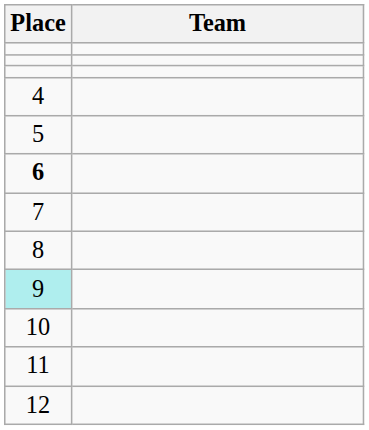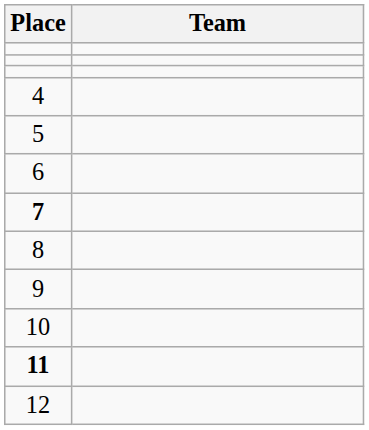 <table class="wikitable" style="text-align: center;">
 <tr>
 <th width=35>Place</th>
 <th width=185>Team</th>
 </tr>
 <tr>
 <td></td>
 <td style="text-align:left;"></td>
 </tr>
 <tr>
 <td></td>
 <td style="text-align:left;"></td>
 </tr>
 <tr>
 <td></td>
 <td style="text-align:left;"></td>
 </tr>
 <tr>
 <td>4</td>
 <td style="text-align:left;"></td>
 </tr>
 <tr>
 <td>5</td>
 <td style="text-align:left;"></td>
 </tr>
 <tr>
-<td><strong>6</strong></td>
+<td>6</td>
 <td style="text-align:left;"></td>
 </tr>
 <tr>
-<td>7</td>
+<td><strong>7</strong></td>
 <td style="text-align:left;"></td>
 </tr>
 <tr>
 <td>8</td>
 <td style="text-align:left;"></td>
 </tr>
 <tr>
-<td style="background: paleturquoise;">9</td>
+<td>9</td>
 <td style="text-align:left;"></td>
 </tr>
 <tr>
 <td>10</td>
 <td style="text-align:left;"></td>
 </tr>
 <tr>
-<td>11</td>
+<td><strong>11</strong></td>
 <td style="text-align:left;"></td>
 </tr>
 <tr>
 <td>12</td>
 <td style="text-align:left;"></td>
 </tr>
 </table>
